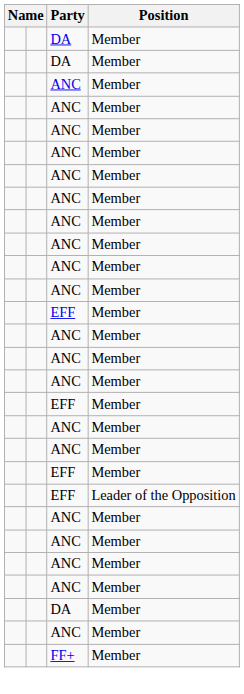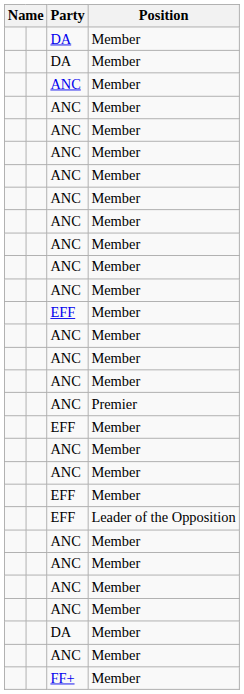 <table class="wikitable sortable">
 <tr>
 <th colspan=2>Name</th>
 <th>Party</th>
 <th>Position</th>
 </tr>
 <tr>
 <td style="background-color: "></td>
 <td></td>
 <td><a href='#'>DA</a></td>
 <td>Member</td>
 </tr>
 <tr>
 <td style="background-color: "></td>
 <td></td>
 <td>DA</td>
 <td>Member</td>
 </tr>
 <tr>
 <td style="background-color: "></td>
 <td></td>
 <td><a href='#'>ANC</a></td>
 <td>Member</td>
 </tr>
 <tr>
 <td style="background-color: "></td>
 <td></td>
 <td>ANC</td>
 <td>Member</td>
 </tr>
 <tr>
 <td style="background-color: "></td>
 <td></td>
 <td>ANC</td>
 <td>Member</td>
 </tr>
 <tr>
 <td style="background-color: "></td>
 <td></td>
 <td>ANC</td>
 <td>Member</td>
 </tr>
 <tr>
 <td style="background-color: "></td>
 <td></td>
 <td>ANC</td>
 <td>Member</td>
 </tr>
 <tr>
 <td style="background-color: "></td>
 <td></td>
 <td>ANC</td>
 <td>Member</td>
 </tr>
 <tr>
 <td style="background-color: "></td>
 <td></td>
 <td>ANC</td>
 <td>Member</td>
 </tr>
 <tr>
 <td style="background-color: "></td>
 <td></td>
 <td>ANC</td>
 <td>Member</td>
 </tr>
 <tr>
 <td style="background-color: "></td>
 <td></td>
 <td>ANC</td>
 <td>Member</td>
 </tr>
 <tr>
 <td style="background-color: "></td>
 <td></td>
 <td>ANC</td>
 <td>Member</td>
 </tr>
 <tr>
 <td style="background-color: "></td>
 <td></td>
 <td><a href='#'>EFF</a></td>
 <td>Member</td>
 </tr>
 <tr>
 <td style="background-color: "></td>
 <td></td>
 <td>ANC</td>
 <td>Member</td>
 </tr>
 <tr>
 <td style="background-color: "></td>
 <td></td>
 <td>ANC</td>
 <td>Member</td>
 </tr>
 <tr>
 <td style="background-color: "></td>
 <td></td>
 <td>ANC</td>
 <td>Member</td>
 </tr>
 <tr>
 <td style="background-color: "></td>
 <td></td>
+<td>ANC</td>
+<td>Premier</td>
+</tr>
+<tr>
+<td style="background-color: "></td>
+<td></td>
 <td>EFF</td>
 <td>Member</td>
 </tr>
 <tr>
 <td style="background-color: "></td>
 <td></td>
 <td>ANC</td>
 <td>Member</td>
 </tr>
 <tr>
 <td style="background-color: "></td>
 <td></td>
 <td>ANC</td>
 <td>Member</td>
 </tr>
 <tr>
 <td style="background-color: "></td>
 <td></td>
 <td>EFF</td>
 <td>Member</td>
 </tr>
 <tr>
 <td style="background-color: "></td>
 <td></td>
 <td>EFF</td>
 <td>Leader of the Opposition</td>
 </tr>
 <tr>
 <td style="background-color: "></td>
 <td></td>
 <td>ANC</td>
 <td>Member</td>
 </tr>
 <tr>
 <td style="background-color: "></td>
 <td></td>
 <td>ANC</td>
 <td>Member</td>
 </tr>
 <tr>
 <td style="background-color: "></td>
 <td></td>
 <td>ANC</td>
 <td>Member</td>
 </tr>
 <tr>
 <td style="background-color: "></td>
 <td></td>
 <td>ANC</td>
 <td>Member</td>
 </tr>
 <tr>
 <td style="background-color: "></td>
 <td></td>
 <td>DA</td>
 <td>Member</td>
 </tr>
 <tr>
 <td style="background-color: "></td>
 <td></td>
 <td>ANC</td>
 <td>Member</td>
 </tr>
 <tr>
 <td style="background-color: "></td>
 <td></td>
 <td><a href='#'>FF+</a></td>
 <td>Member</td>
 </tr>
 </table>
